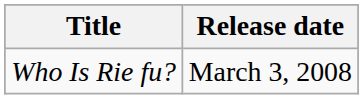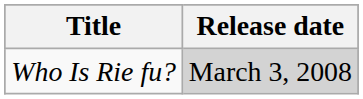 <table class="wikitable">
 <tr>
 <th>Title</th>
 <th>Release date</th>
 </tr>
 <tr>
 <td><em>Who Is Rie fu?</em></td>
-<td>March 3, 2008</td>
+<td style="background: lightgrey;">March 3, 2008</td>
 </tr>
 </table>
